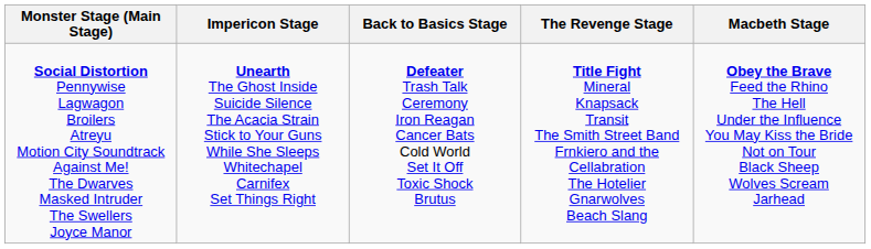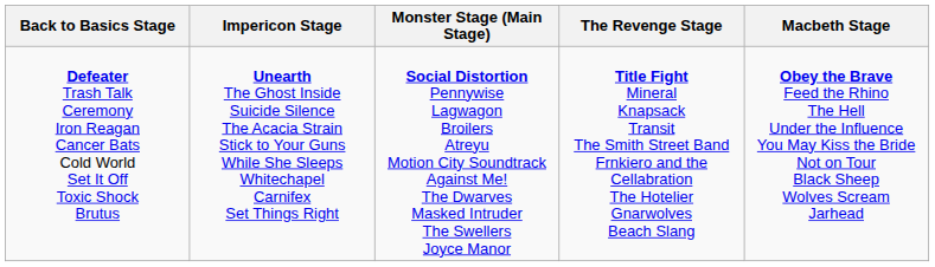 <table class="wikitable">
 <tr>
+<th>Back to Basics Stage</th>
+<th>Impericon Stage</th>
 <th>Monster Stage (Main Stage)</th>
-<th>Impericon Stage</th>
-<th>Back to Basics Stage</th>
 <th>The Revenge Stage</th>
 <th>Macbeth Stage</th>
 </tr>
 <tr>
+<td style="text-align:center; vertical-align:top; width:185px;"><br><strong><a href='#'>Defeater</a></strong> <br><a href='#'>Trash Talk</a> <br><a href='#'>Ceremony</a> <br><a href='#'>Iron Reagan</a> <br><a href='#'>Cancer Bats</a> <br>Cold World <br><a href='#'>Set It Off</a> <br><a href='#'>Toxic Shock</a> <br><a href='#'>Brutus</a></td>
+<td style="text-align:center; vertical-align:top; width:185px;"><br><strong><a href='#'>Unearth</a></strong> <br><a href='#'>The Ghost Inside</a> <br><a href='#'>Suicide Silence</a> <br><a href='#'>The Acacia Strain</a> <br><a href='#'>Stick to Your Guns</a> <br><a href='#'>While She Sleeps</a> <br><a href='#'>Whitechapel</a> <br><a href='#'>Carnifex</a> <br><a href='#'>Set Things Right</a></td>
 <td style="text-align:center; vertical-align:top; width:185px;"><br><strong><a href='#'>Social Distortion</a></strong> <br><a href='#'>Pennywise</a> <br><a href='#'>Lagwagon</a> <br><a href='#'>Broilers</a> <br><a href='#'>Atreyu</a> <br><a href='#'>Motion City Soundtrack</a> <br><a href='#'>Against Me!</a> <br><a href='#'>The Dwarves</a> <br><a href='#'>Masked Intruder</a> <br><a href='#'>The Swellers</a> <br><a href='#'>Joyce Manor</a></td>
-<td style="text-align:center; vertical-align:top; width:185px;"><br><strong><a href='#'>Unearth</a></strong> <br><a href='#'>The Ghost Inside</a> <br><a href='#'>Suicide Silence</a> <br><a href='#'>The Acacia Strain</a> <br><a href='#'>Stick to Your Guns</a> <br><a href='#'>While She Sleeps</a> <br><a href='#'>Whitechapel</a> <br><a href='#'>Carnifex</a> <br><a href='#'>Set Things Right</a></td>
-<td style="text-align:center; vertical-align:top; width:185px;"><br><strong><a href='#'>Defeater</a></strong> <br><a href='#'>Trash Talk</a> <br><a href='#'>Ceremony</a> <br><a href='#'>Iron Reagan</a> <br><a href='#'>Cancer Bats</a> <br>Cold World <br><a href='#'>Set It Off</a> <br><a href='#'>Toxic Shock</a> <br><a href='#'>Brutus</a></td>
 <td style="text-align:center; vertical-align:top; width:185px;"><br><strong><a href='#'>Title Fight</a></strong> <br><a href='#'>Mineral</a> <br><a href='#'>Knapsack</a> <br><a href='#'>Transit</a> <br><a href='#'>The Smith Street Band</a> <br><a href='#'>Frnkiero and the Cellabration</a> <br><a href='#'>The Hotelier</a> <br><a href='#'>Gnarwolves</a> <br><a href='#'>Beach Slang</a></td>
 <td style="text-align:center; vertical-align:top; width:185px;"><br><strong><a href='#'>Obey the Brave</a></strong> <br><a href='#'>Feed the Rhino</a> <br><a href='#'>The Hell</a> <br><a href='#'>Under the Influence</a> <br><a href='#'>You May Kiss the Bride</a> <br><a href='#'>Not on Tour</a> <br><a href='#'>Black Sheep</a> <br><a href='#'>Wolves Scream</a> <br><a href='#'>Jarhead</a></td>
 </tr>
 </table>
